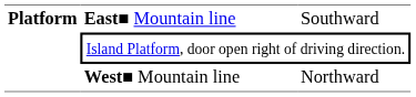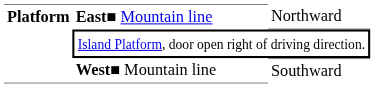 <table table border=0 cellspacing=0 cellpadding=3>
 <tr>
 <td style="border-bottom:solid 1px gray; border-top:solid 1px gray;" width=50 rowspan=10 valign=top><strong>Platform</strong></td>
 </tr>
 <tr>
 <td style="border-top:solid 1px gray;"><strong>East</strong><span>■</span> <a href='#'>Mountain line</a></td>
-<td style="border-top:solid 1px gray;">Southward</td>
+<td style="border-bottom:solid 1px gray;">Northward</td>
 </tr>
 <tr>
 <td style="border-top:solid 2px black;border-right:solid 2px black;border-left:solid 2px black;border-bottom:solid 2px black;text-align:center;" colspan=2><small><a href='#'>Island Platform</a>, door open right of driving direction.</small></td>
 </tr>
 <tr>
 <td style="border-bottom:solid 1px gray;"><strong>West</strong><span>■</span> Mountain line</td>
-<td style="border-bottom:solid 1px gray;">Northward</td>
+<td style="border-top:solid 1px gray;">Southward</td>
 </tr>
 </table>
